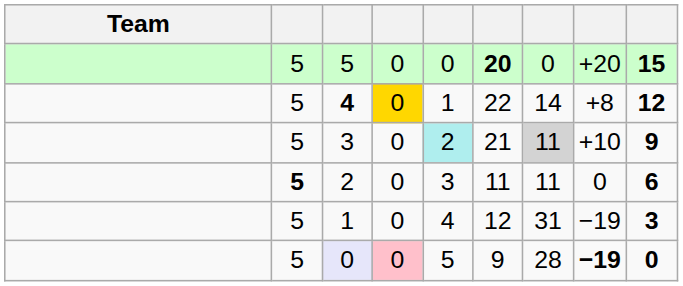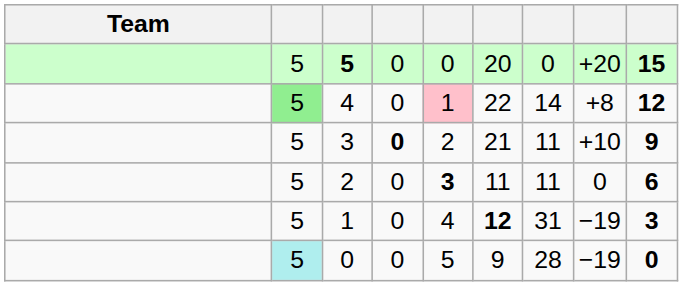 <table class="wikitable" style="text-align: center;">
 <tr>
 <th width=165>Team</th>
 <th width=25></th>
 <th width=25></th>
 <th width=25></th>
 <th width=25></th>
 <th width=25></th>
 <th width=25></th>
 <th width=25></th>
 <th width=25></th>
 </tr>
 <tr style="background:#ccffcc">
 <td style="text-align:left;"></td>
 <td>5</td>
-<td>5</td>
+<td><strong>5</strong></td>
 <td>0</td>
 <td>0</td>
-<td><strong>20</strong></td>
+<td>20</td>
 <td>0</td>
 <td>+20</td>
 <td><strong>15</strong></td>
 </tr>
 <tr>
 <td style="text-align:left;"></td>
-<td>5</td>
-<td><strong>4</strong></td>
-<td style="background: gold;">0</td>
-<td>1</td>
+<td style="background: lightgreen;">5</td>
+<td>4</td>
+<td>0</td>
+<td style="background: pink;">1</td>
 <td>22</td>
 <td>14</td>
 <td>+8</td>
 <td><strong>12</strong></td>
 </tr>
 <tr>
 <td style="text-align:left;"></td>
 <td>5</td>
 <td>3</td>
-<td>0</td>
-<td style="background: paleturquoise;">2</td>
+<td><strong>0</strong></td>
+<td>2</td>
 <td>21</td>
-<td style="background: lightgrey;">11</td>
+<td>11</td>
 <td>+10</td>
 <td><strong>9</strong></td>
 </tr>
 <tr>
 <td style="text-align:left;"></td>
-<td><strong>5</strong></td>
+<td>5</td>
 <td>2</td>
 <td>0</td>
-<td>3</td>
+<td><strong>3</strong></td>
 <td>11</td>
 <td>11</td>
 <td>0</td>
 <td><strong>6</strong></td>
 </tr>
 <tr>
 <td style="text-align:left;"></td>
 <td>5</td>
 <td>1</td>
 <td>0</td>
 <td>4</td>
-<td>12</td>
+<td><strong>12</strong></td>
 <td>31</td>
 <td>−19</td>
 <td><strong>3</strong></td>
 </tr>
 <tr>
 <td style="text-align:left;"></td>
-<td>5</td>
-<td style="background: lavender;">0</td>
-<td style="background: pink;">0</td>
+<td style="background: paleturquoise;">5</td>
+<td>0</td>
+<td>0</td>
 <td>5</td>
 <td>9</td>
 <td>28</td>
-<td><strong>−19</strong></td>
+<td>−19</td>
 <td><strong>0</strong></td>
 </tr>
 </table>
